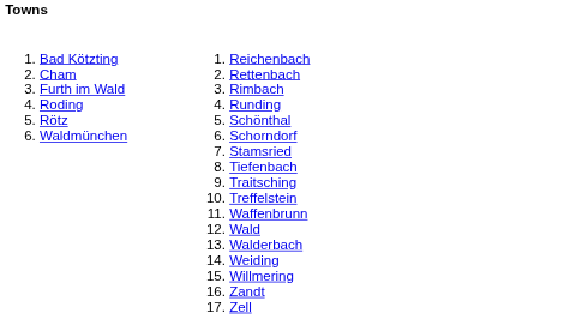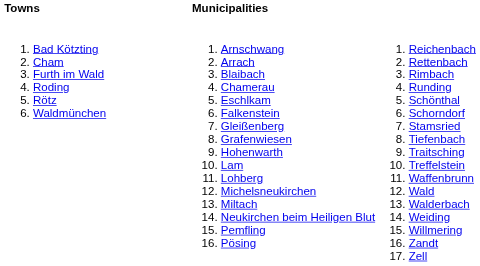 <table>
 <tr>
 <th align=left width=33%>Towns</th>
+<th align=left width=33%>Municipalities</th>
 <th align=left width=33%></th>
 </tr>
 <tr valign=top>
 <td><br><ol><li><a href='#'>Bad Kötzting</a></li><li><a href='#'>Cham</a></li><li><a href='#'>Furth im Wald</a></li><li><a href='#'>Roding</a></li><li><a href='#'>Rötz</a></li><li><a href='#'>Waldmünchen</a></li></ol></td>
+<td><br><ol><li><a href='#'>Arnschwang</a></li><li><a href='#'>Arrach</a></li><li><a href='#'>Blaibach</a></li><li><a href='#'>Chamerau</a></li><li><a href='#'>Eschlkam</a></li><li><a href='#'>Falkenstein</a></li><li><a href='#'>Gleißenberg</a></li><li><a href='#'>Grafenwiesen</a></li><li><a href='#'>Hohenwarth</a></li><li><a href='#'>Lam</a></li><li><a href='#'>Lohberg</a></li><li><a href='#'>Michelsneukirchen</a></li><li><a href='#'>Miltach</a></li><li><a href='#'>Neukirchen beim Heiligen Blut</a></li><li><a href='#'>Pemfling</a></li><li><a href='#'>Pösing</a></li></ol></td>
 <td><br><ol> <li> <a href='#'>Reichenbach</a> <li> <a href='#'>Rettenbach</a> <li> <a href='#'>Rimbach</a> <li> <a href='#'>Runding</a> <li> <a href='#'>Schönthal</a> <li> <a href='#'>Schorndorf</a> <li> <a href='#'>Stamsried</a> <li> <a href='#'>Tiefenbach</a> <li> <a href='#'>Traitsching</a> <li> <a href='#'>Treffelstein</a> <li> <a href='#'>Waffenbrunn</a> <li> <a href='#'>Wald</a> <li> <a href='#'>Walderbach</a> <li> <a href='#'>Weiding</a> <li> <a href='#'>Willmering</a> <li> <a href='#'>Zandt</a> <li> <a href='#'>Zell</a> </ol></td>
 </tr>
 </table>
